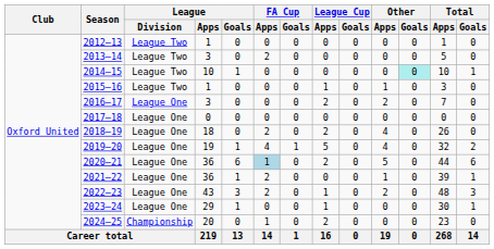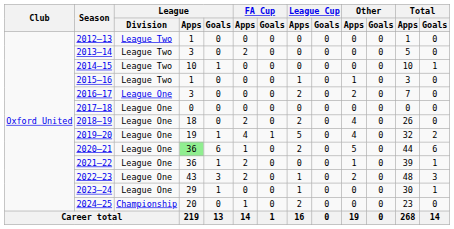 <table class="wikitable" style="text-align: center">
 <tr>
 <th rowspan="2">Club</th>
 <th rowspan="2">Season</th>
 <th colspan="3">League</th>
 <th colspan="2"><a href='#'>FA Cup</a></th>
 <th colspan="2"><a href='#'>League Cup</a></th>
 <th colspan="2">Other</th>
 <th colspan="2">Total</th>
 </tr>
 <tr>
 <th>Division</th>
 <th>Apps</th>
 <th>Goals</th>
 <th>Apps</th>
 <th>Goals</th>
 <th>Apps</th>
 <th>Goals</th>
 <th>Apps</th>
 <th>Goals</th>
 <th>Apps</th>
 <th>Goals</th>
 </tr>
 <tr>
 <td rowspan="13"><a href='#'>Oxford United</a></td>
 <td><a href='#'>2012–13</a></td>
 <td><a href='#'>League Two</a></td>
 <td>1</td>
 <td>0</td>
 <td>0</td>
 <td>0</td>
 <td>0</td>
 <td>0</td>
 <td>0</td>
 <td>0</td>
 <td>1</td>
 <td>0</td>
 </tr>
 <tr>
 <td><a href='#'>2013–14</a></td>
 <td>League Two</td>
 <td>3</td>
 <td>0</td>
 <td>2</td>
 <td>0</td>
 <td>0</td>
 <td>0</td>
 <td>0</td>
 <td>0</td>
 <td>5</td>
 <td>0</td>
 </tr>
 <tr>
 <td><a href='#'>2014–15</a></td>
 <td>League Two</td>
 <td>10</td>
 <td>1</td>
 <td>0</td>
 <td>0</td>
 <td>0</td>
 <td>0</td>
 <td>0</td>
-<td style="background: paleturquoise;">0</td>
+<td>0</td>
 <td>10</td>
 <td>1</td>
 </tr>
 <tr>
 <td><a href='#'>2015–16</a></td>
 <td>League Two</td>
 <td>1</td>
 <td>0</td>
 <td>0</td>
 <td>0</td>
 <td>1</td>
 <td>0</td>
 <td>1</td>
 <td>0</td>
 <td>3</td>
 <td>0</td>
 </tr>
 <tr>
 <td><a href='#'>2016–17</a></td>
 <td><a href='#'>League One</a></td>
 <td>3</td>
 <td>0</td>
 <td>0</td>
 <td>0</td>
 <td>2</td>
 <td>0</td>
 <td>2</td>
 <td>0</td>
 <td>7</td>
 <td>0</td>
 </tr>
 <tr>
 <td><a href='#'>2017–18</a></td>
 <td>League One</td>
 <td>0</td>
 <td>0</td>
 <td>0</td>
 <td>0</td>
 <td>0</td>
 <td>0</td>
 <td>0</td>
 <td>0</td>
 <td>0</td>
 <td>0</td>
 </tr>
 <tr>
 <td><a href='#'>2018–19</a></td>
 <td>League One</td>
 <td>18</td>
 <td>0</td>
 <td>2</td>
 <td>0</td>
 <td>2</td>
 <td>0</td>
 <td>4</td>
 <td>0</td>
 <td>26</td>
 <td>0</td>
 </tr>
 <tr>
 <td><a href='#'>2019–20</a></td>
 <td>League One</td>
 <td>19</td>
 <td>1</td>
 <td>4</td>
 <td>1</td>
 <td>5</td>
 <td>0</td>
 <td>4</td>
 <td>0</td>
 <td>32</td>
 <td>2</td>
 </tr>
 <tr>
 <td><a href='#'>2020–21</a></td>
 <td>League One</td>
-<td>36</td>
+<td style="background: lightgreen;">36</td>
 <td>6</td>
-<td style="background: lightblue;">1</td>
+<td>1</td>
 <td>0</td>
 <td>2</td>
 <td>0</td>
 <td>5</td>
 <td>0</td>
 <td>44</td>
 <td>6</td>
 </tr>
 <tr>
 <td><a href='#'>2021–22</a></td>
 <td>League One</td>
 <td>36</td>
 <td>1</td>
 <td>2</td>
 <td>0</td>
 <td>0</td>
 <td>0</td>
 <td>1</td>
 <td>0</td>
 <td>39</td>
 <td>1</td>
 </tr>
 <tr>
 <td><a href='#'>2022–23</a></td>
 <td>League One</td>
 <td>43</td>
 <td>3</td>
 <td>2</td>
 <td>0</td>
 <td>1</td>
 <td>0</td>
 <td>2</td>
 <td>0</td>
 <td>48</td>
 <td>3</td>
 </tr>
 <tr>
 <td><a href='#'>2023–24</a></td>
 <td>League One</td>
 <td>29</td>
 <td>1</td>
 <td>0</td>
 <td>0</td>
 <td>1</td>
 <td>0</td>
 <td>0</td>
 <td>0</td>
 <td>30</td>
 <td>1</td>
 </tr>
 <tr>
 <td><a href='#'>2024–25</a></td>
 <td><a href='#'>Championship</a></td>
 <td>20</td>
 <td>0</td>
 <td>1</td>
 <td>0</td>
 <td>2</td>
 <td>0</td>
 <td>0</td>
 <td>0</td>
 <td>23</td>
 <td>0</td>
 </tr>
 <tr>
 <th colspan="3">Career total</th>
 <th>219</th>
 <th>13</th>
 <th>14</th>
 <th>1</th>
 <th>16</th>
 <th>0</th>
 <th>19</th>
 <th>0</th>
 <th>268</th>
 <th>14</th>
 </tr>
 </table>
